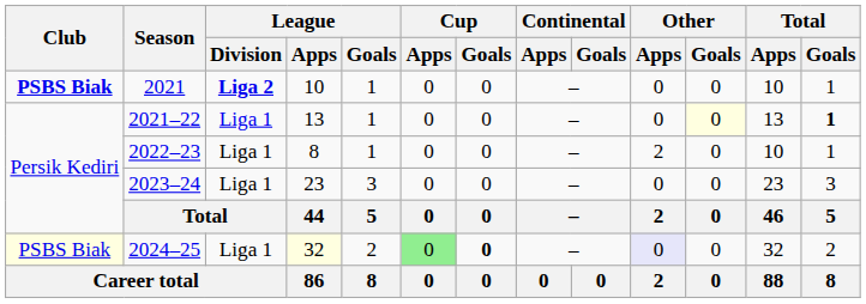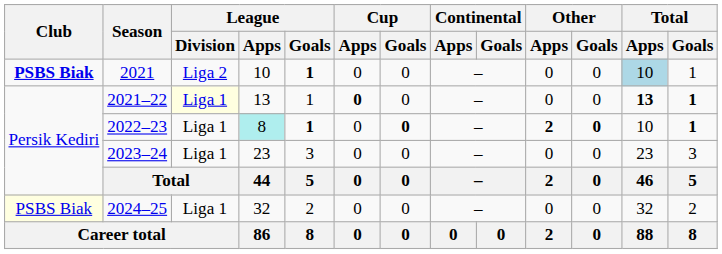 <table class="wikitable" style="text-align: center">
 <tr>
 <th rowspan="2">Club</th>
 <th rowspan="2">Season</th>
 <th colspan="3">League</th>
 <th colspan="2">Cup</th>
 <th colspan="2">Continental</th>
 <th colspan="2">Other</th>
 <th colspan="2">Total</th>
 </tr>
 <tr>
 <th>Division</th>
 <th>Apps</th>
 <th>Goals</th>
 <th>Apps</th>
 <th>Goals</th>
 <th>Apps</th>
 <th>Goals</th>
 <th>Apps</th>
 <th>Goals</th>
 <th>Apps</th>
 <th>Goals</th>
 </tr>
 <tr>
 <td rowspan="1"><strong><a href='#'>PSBS Biak</a></strong></td>
 <td><a href='#'>2021</a></td>
-<td rowspan="1" valign="center"><strong><a href='#'>Liga 2</a></strong></td>
+<td rowspan="1" valign="center"><a href='#'>Liga 2</a></td>
 <td>10</td>
-<td>1</td>
+<td><strong>1</strong></td>
 <td>0</td>
 <td>0</td>
 <td colspan="2">–</td>
 <td>0</td>
 <td>0</td>
-<td>10</td>
+<td style="background: lightblue;">10</td>
 <td>1</td>
 </tr>
 <tr>
 <td rowspan="4"><a href='#'>Persik Kediri</a></td>
 <td><a href='#'>2021–22</a></td>
-<td rowspan="1" valign="center"><a href='#'>Liga 1</a></td>
+<td rowspan="1" valign="center" style="background: lightyellow;"><a href='#'>Liga 1</a></td>
 <td>13</td>
 <td>1</td>
-<td>0</td>
+<td><strong>0</strong></td>
 <td>0</td>
 <td colspan="2">–</td>
 <td>0</td>
-<td style="background: lightyellow;">0</td>
-<td>13</td>
+<td>0</td>
+<td><strong>13</strong></td>
 <td><strong>1</strong></td>
 </tr>
 <tr>
 <td><a href='#'>2022–23</a></td>
 <td>Liga 1</td>
-<td>8</td>
-<td>1</td>
+<td style="background: paleturquoise;">8</td>
+<td><strong>1</strong></td>
 <td>0</td>
-<td>0</td>
+<td><strong>0</strong></td>
 <td colspan="2">–</td>
-<td>2</td>
-<td>0</td>
+<td><strong>2</strong></td>
+<td><strong>0</strong></td>
 <td>10</td>
-<td>1</td>
+<td><strong>1</strong></td>
 </tr>
 <tr>
 <td><a href='#'>2023–24</a></td>
 <td>Liga 1</td>
 <td>23</td>
 <td>3</td>
 <td>0</td>
 <td>0</td>
 <td colspan="2">–</td>
 <td>0</td>
 <td>0</td>
 <td>23</td>
 <td>3</td>
 </tr>
 <tr>
 <th colspan=2>Total</th>
 <th>44</th>
 <th>5</th>
 <th>0</th>
 <th>0</th>
 <th colspan="2">–</th>
 <th>2</th>
 <th>0</th>
 <th>46</th>
 <th>5</th>
 </tr>
 <tr>
 <td rowspan="1" style="background: lightyellow;"><a href='#'>PSBS Biak</a></td>
 <td><a href='#'>2024–25</a></td>
 <td>Liga 1</td>
-<td style="background: lightyellow;">32</td>
+<td>32</td>
 <td>2</td>
-<td style="background: lightgreen;">0</td>
-<td><strong>0</strong></td>
+<td>0</td>
+<td>0</td>
 <td colspan="2">–</td>
-<td style="background: lavender;">0</td>
+<td>0</td>
 <td>0</td>
 <td>32</td>
 <td>2</td>
 </tr>
 <tr>
 <th colspan=3>Career total</th>
 <th>86</th>
 <th>8</th>
 <th>0</th>
 <th>0</th>
 <th>0</th>
 <th>0</th>
 <th>2</th>
 <th>0</th>
 <th>88</th>
 <th>8</th>
 </tr>
 </table>
